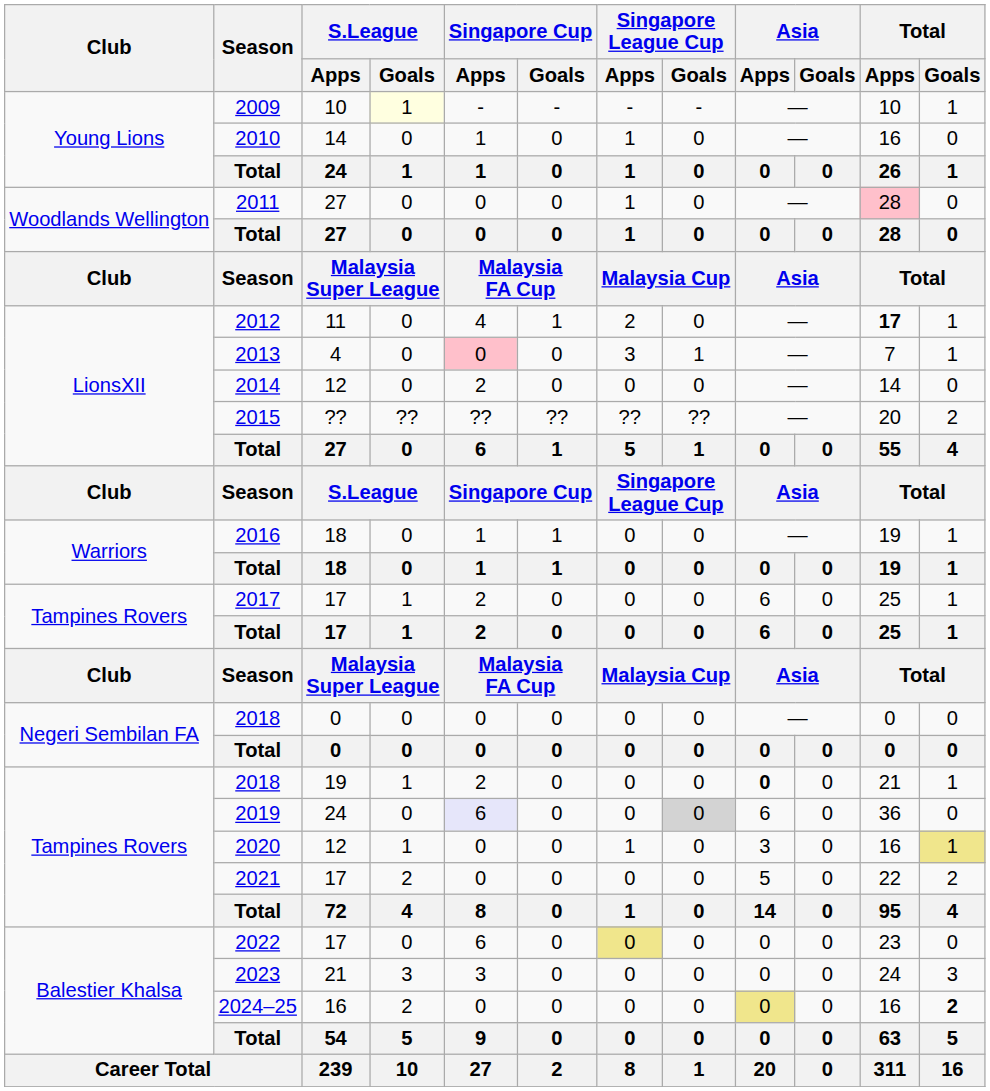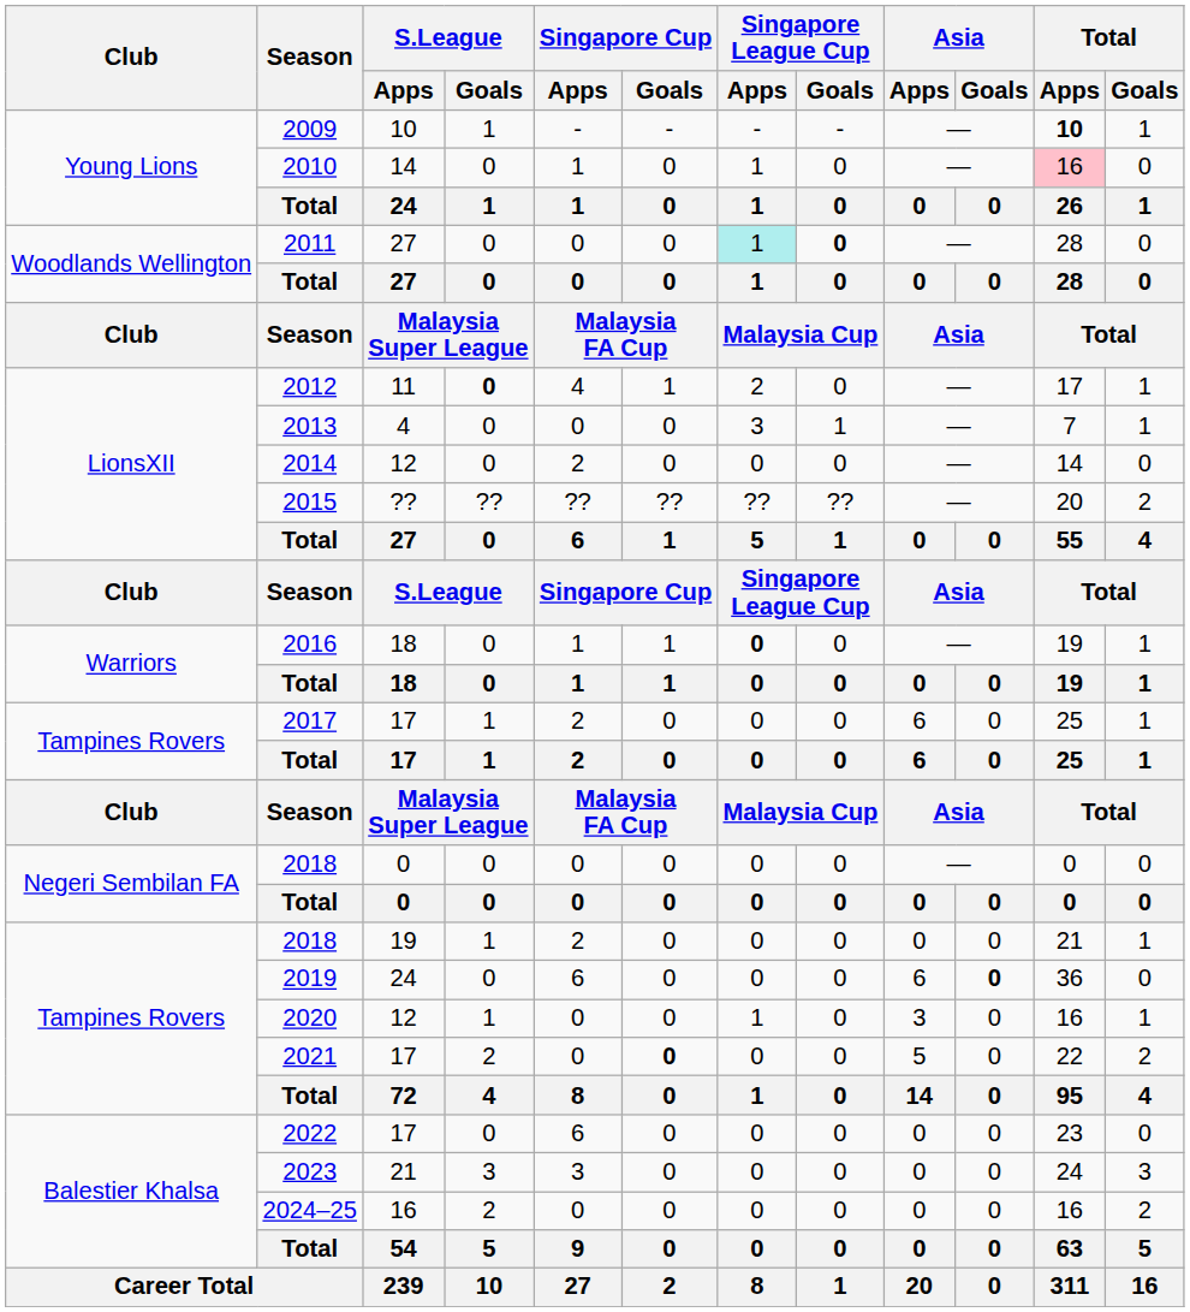 <table class="wikitable" style="text-align:center">
 <tr>
 <th rowspan="2">Club</th>
 <th rowspan="2">Season</th>
 <th colspan="2"><a href='#'>S.League</a></th>
 <th colspan="2"><a href='#'>Singapore Cup</a></th>
 <th colspan="2"><a href='#'>Singapore<br>League Cup</a></th>
 <th colspan="2"><a href='#'>Asia</a></th>
 <th colspan="2">Total</th>
 </tr>
 <tr>
 <th>Apps</th>
 <th>Goals</th>
 <th>Apps</th>
 <th>Goals</th>
 <th>Apps</th>
 <th>Goals</th>
 <th>Apps</th>
 <th>Goals</th>
 <th>Apps</th>
 <th>Goals</th>
 </tr>
 <tr>
 <td rowspan="3"><a href='#'>Young Lions</a></td>
 <td><a href='#'>2009</a></td>
 <td>10</td>
-<td style="background: lightyellow;">1</td>
+<td>1</td>
 <td>-</td>
 <td>-</td>
 <td>-</td>
 <td>-</td>
 <td colspan='2'>—</td>
-<td>10</td>
+<td><strong>10</strong></td>
 <td>1</td>
 </tr>
 <tr>
 <td><a href='#'>2010</a></td>
 <td>14</td>
 <td>0</td>
 <td>1</td>
 <td>0</td>
 <td>1</td>
 <td>0</td>
 <td colspan='2'>—</td>
-<td>16</td>
+<td style="background: pink;">16</td>
 <td>0</td>
 </tr>
 <tr>
 <th>Total</th>
 <th>24</th>
 <th>1</th>
 <th>1</th>
 <th>0</th>
 <th>1</th>
 <th>0</th>
 <th>0</th>
 <th>0</th>
 <th>26</th>
 <th>1</th>
 </tr>
 <tr>
 <td rowspan="2"><a href='#'>Woodlands Wellington</a></td>
 <td><a href='#'>2011</a></td>
 <td>27</td>
 <td>0</td>
 <td>0</td>
 <td>0</td>
-<td>1</td>
-<td>0</td>
+<td style="background: paleturquoise;">1</td>
+<td><strong>0</strong></td>
 <td colspan='2'>—</td>
-<td style="background: pink;">28</td>
+<td>28</td>
 <td>0</td>
 </tr>
 <tr>
 <th>Total</th>
 <th>27</th>
 <th>0</th>
 <th>0</th>
 <th>0</th>
 <th>1</th>
 <th>0</th>
 <th>0</th>
 <th>0</th>
 <th>28</th>
 <th>0</th>
 </tr>
 <tr>
 <th>Club</th>
 <th>Season</th>
 <th colspan="2"><a href='#'>Malaysia<br>Super League</a></th>
 <th colspan="2"><a href='#'>Malaysia<br>FA Cup</a></th>
 <th colspan="2"><a href='#'>Malaysia Cup</a></th>
 <th colspan="2"><a href='#'>Asia</a></th>
 <th colspan="2">Total</th>
 </tr>
 <tr>
 <td rowspan="5"><a href='#'>LionsXII</a></td>
 <td><a href='#'>2012</a></td>
 <td>11</td>
-<td>0</td>
+<td><strong>0</strong></td>
 <td>4</td>
 <td>1</td>
 <td>2</td>
 <td>0</td>
 <td colspan='2'>—</td>
-<td><strong>17</strong></td>
+<td>17</td>
 <td>1</td>
 </tr>
 <tr>
 <td><a href='#'>2013</a></td>
 <td>4</td>
 <td>0</td>
-<td style="background: pink;">0</td>
+<td>0</td>
 <td>0</td>
 <td>3</td>
 <td>1</td>
 <td colspan='2'>—</td>
 <td>7</td>
 <td>1</td>
 </tr>
 <tr>
 <td><a href='#'>2014</a></td>
 <td>12</td>
 <td>0</td>
 <td>2</td>
 <td>0</td>
 <td>0</td>
 <td>0</td>
 <td colspan='2'>—</td>
 <td>14</td>
 <td>0</td>
 </tr>
 <tr>
 <td><a href='#'>2015</a></td>
 <td>??</td>
 <td>??</td>
 <td>??</td>
 <td>??</td>
 <td>??</td>
 <td>??</td>
 <td colspan='2'>—</td>
 <td>20</td>
 <td>2</td>
 </tr>
 <tr>
 <th>Total</th>
 <th>27</th>
 <th>0</th>
 <th>6</th>
 <th>1</th>
 <th>5</th>
 <th>1</th>
 <th>0</th>
 <th>0</th>
 <th>55</th>
 <th>4</th>
 </tr>
 <tr>
 <th>Club</th>
 <th>Season</th>
 <th colspan="2"><a href='#'>S.League</a></th>
 <th colspan="2"><a href='#'>Singapore Cup</a></th>
 <th colspan="2"><a href='#'>Singapore<br>League Cup</a></th>
 <th colspan="2"><a href='#'>Asia</a></th>
 <th colspan="2">Total</th>
 </tr>
 <tr>
 <td rowspan="2"><a href='#'>Warriors</a></td>
 <td><a href='#'>2016</a></td>
 <td>18</td>
 <td>0</td>
 <td>1</td>
 <td>1</td>
-<td>0</td>
+<td><strong>0</strong></td>
 <td>0</td>
 <td colspan='2'>—</td>
 <td>19</td>
 <td>1</td>
 </tr>
 <tr>
 <th>Total</th>
 <th>18</th>
 <th>0</th>
 <th>1</th>
 <th>1</th>
 <th>0</th>
 <th>0</th>
 <th>0</th>
 <th>0</th>
 <th>19</th>
 <th>1</th>
 </tr>
 <tr>
 <td rowspan="2"><a href='#'>Tampines Rovers</a></td>
 <td><a href='#'>2017</a></td>
 <td>17</td>
 <td>1</td>
 <td>2</td>
 <td>0</td>
 <td>0</td>
 <td>0</td>
 <td>6</td>
 <td>0</td>
 <td>25</td>
 <td>1</td>
 </tr>
 <tr>
 <th>Total</th>
 <th>17</th>
 <th>1</th>
 <th>2</th>
 <th>0</th>
 <th>0</th>
 <th>0</th>
 <th>6</th>
 <th>0</th>
 <th>25</th>
 <th>1</th>
 </tr>
 <tr>
 <th>Club</th>
 <th>Season</th>
 <th colspan="2"><a href='#'>Malaysia<br>Super League</a></th>
 <th colspan="2"><a href='#'>Malaysia<br>FA Cup</a></th>
 <th colspan="2"><a href='#'>Malaysia Cup</a></th>
 <th colspan="2"><a href='#'>Asia</a></th>
 <th colspan="2">Total</th>
 </tr>
 <tr>
 <td rowspan="2"><a href='#'>Negeri Sembilan FA</a></td>
 <td><a href='#'>2018</a></td>
 <td>0</td>
 <td>0</td>
 <td>0</td>
 <td>0</td>
 <td>0</td>
 <td>0</td>
 <td colspan='2'>—</td>
 <td>0</td>
 <td>0</td>
 </tr>
 <tr>
 <th>Total</th>
 <th>0</th>
 <th>0</th>
 <th>0</th>
 <th>0</th>
 <th>0</th>
 <th>0</th>
 <th>0</th>
 <th>0</th>
 <th>0</th>
 <th>0</th>
 </tr>
 <tr>
 <td rowspan="5"><a href='#'>Tampines Rovers</a></td>
 <td><a href='#'>2018</a></td>
 <td>19</td>
 <td>1</td>
 <td>2</td>
 <td>0</td>
 <td>0</td>
 <td>0</td>
-<td><strong>0</strong></td>
+<td>0</td>
 <td>0</td>
 <td>21</td>
 <td>1</td>
 </tr>
 <tr>
 <td><a href='#'>2019</a></td>
 <td>24</td>
 <td>0</td>
-<td style="background: lavender;">6</td>
+<td>6</td>
 <td>0</td>
 <td>0</td>
-<td style="background: lightgrey;">0</td>
+<td>0</td>
 <td>6</td>
-<td>0</td>
+<td><strong>0</strong></td>
 <td>36</td>
 <td>0</td>
 </tr>
 <tr>
 <td><a href='#'>2020</a></td>
 <td>12</td>
 <td>1</td>
 <td>0</td>
 <td>0</td>
 <td>1</td>
 <td>0</td>
 <td>3</td>
 <td>0</td>
 <td>16</td>
-<td style="background: khaki;">1</td>
+<td>1</td>
 </tr>
 <tr>
 <td><a href='#'>2021</a></td>
 <td>17</td>
 <td>2</td>
 <td>0</td>
-<td>0</td>
+<td><strong>0</strong></td>
 <td>0</td>
 <td>0</td>
 <td>5</td>
 <td>0</td>
 <td>22</td>
 <td>2</td>
 </tr>
 <tr>
 <th>Total</th>
 <th>72</th>
 <th>4</th>
 <th>8</th>
 <th>0</th>
 <th>1</th>
 <th>0</th>
 <th>14</th>
 <th>0</th>
 <th>95</th>
 <th>4</th>
 </tr>
 <tr>
 <td rowspan="4"><a href='#'>Balestier Khalsa</a></td>
 <td><a href='#'>2022</a></td>
 <td>17</td>
 <td>0</td>
 <td>6</td>
 <td>0</td>
-<td style="background: khaki;">0</td>
+<td>0</td>
 <td>0</td>
 <td>0</td>
 <td>0</td>
 <td>23</td>
 <td>0</td>
 </tr>
 <tr>
 <td><a href='#'>2023</a></td>
 <td>21</td>
 <td>3</td>
 <td>3</td>
 <td>0</td>
 <td>0</td>
 <td>0</td>
 <td>0</td>
 <td>0</td>
 <td>24</td>
 <td>3</td>
 </tr>
 <tr>
 <td><a href='#'>2024–25</a></td>
 <td>16</td>
 <td>2</td>
 <td>0</td>
 <td>0</td>
 <td>0</td>
 <td>0</td>
-<td style="background: khaki;">0</td>
+<td>0</td>
 <td>0</td>
 <td>16</td>
-<td><strong>2</strong></td>
+<td>2</td>
 </tr>
 <tr>
 <th>Total</th>
 <th>54</th>
 <th>5</th>
 <th>9</th>
 <th>0</th>
 <th>0</th>
 <th>0</th>
 <th>0</th>
 <th>0</th>
 <th>63</th>
 <th>5</th>
 </tr>
 <tr>
 <th colspan="2">Career Total</th>
 <th>239</th>
 <th>10</th>
 <th>27</th>
 <th>2</th>
 <th>8</th>
 <th>1</th>
 <th>20</th>
 <th>0</th>
 <th>311</th>
 <th>16</th>
 </tr>
 <tr>
 </tr>
 </table>
